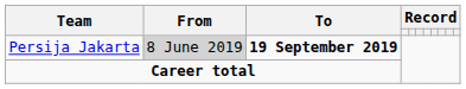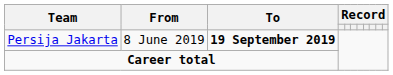 <table class="wikitable" style="text-align: center">
 <tr>
 <th rowspan="2">Team</th>
 <th rowspan="2">From</th>
 <th rowspan="2">To</th>
 <th colspan="8">Record</th>
 </tr>
 <tr>
 <th></th>
 <th></th>
 <th></th>
 <th></th>
 <th></th>
 <th></th>
 <th></th>
 <th></th>
 </tr>
 <tr>
 <td align="left"><a href='#'>Persija Jakarta</a></td>
-<td align=left style="background: lightgrey;">8 June 2019</td>
+<td align=left>8 June 2019</td>
 <td align=left><strong>19 September 2019<br></strong></td>
 </tr>
 <tr>
 <td colspan=3><strong>Career total</strong><br></td>
 </tr>
 </table>
